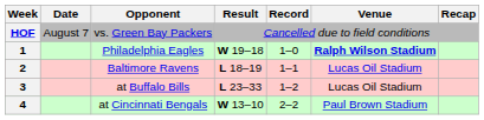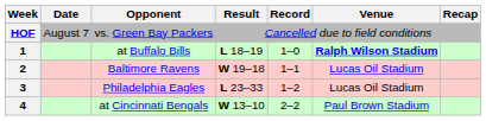 <table class="wikitable" style="text-align:center">
 <tr>
 <th>Week</th>
 <th>Date</th>
 <th>Opponent</th>
 <th>Result</th>
 <th>Record</th>
 <th>Venue</th>
 <th>Recap</th>
 </tr>
 <tr style="background:#bababa">
 <th><a href='#'>HOF</a></th>
 <td>August 7</td>
 <td>vs. <a href='#'>Green Bay Packers</a></td>
 <td colspan="5"><em><a href='#'>Cancelled</a> due to field conditions</em></td>
 </tr>
 <tr style="background:#cfc">
 <th>1</th>
 <td></td>
-<td><a href='#'>Philadelphia Eagles</a></td>
-<td><strong>W</strong> 19–18</td>
+<td>at <a href='#'>Buffalo Bills</a></td>
+<td><strong>L</strong> 18–19</td>
 <td>1–0</td>
 <td><strong><a href='#'>Ralph Wilson Stadium</a></strong></td>
 <td></td>
 </tr>
 <tr style="background:#fcc">
 <th>2</th>
 <td></td>
 <td><a href='#'>Baltimore Ravens</a></td>
-<td><strong>L</strong> 18–19</td>
+<td><strong>W</strong> 19–18</td>
 <td>1–1</td>
 <td><a href='#'>Lucas Oil Stadium</a></td>
 <td></td>
 </tr>
 <tr style="background:#fcc">
 <th>3</th>
 <td></td>
-<td>at <a href='#'>Buffalo Bills</a></td>
+<td><a href='#'>Philadelphia Eagles</a></td>
 <td><strong>L</strong> 23–33</td>
 <td>1–2</td>
 <td>Lucas Oil Stadium</td>
 <td></td>
 </tr>
 <tr style="background:#cfc">
 <th>4</th>
 <td></td>
 <td>at <a href='#'>Cincinnati Bengals</a></td>
 <td><strong>W</strong> 13–10</td>
 <td>2–2</td>
 <td><a href='#'>Paul Brown Stadium</a></td>
 <td></td>
 </tr>
 </table>
